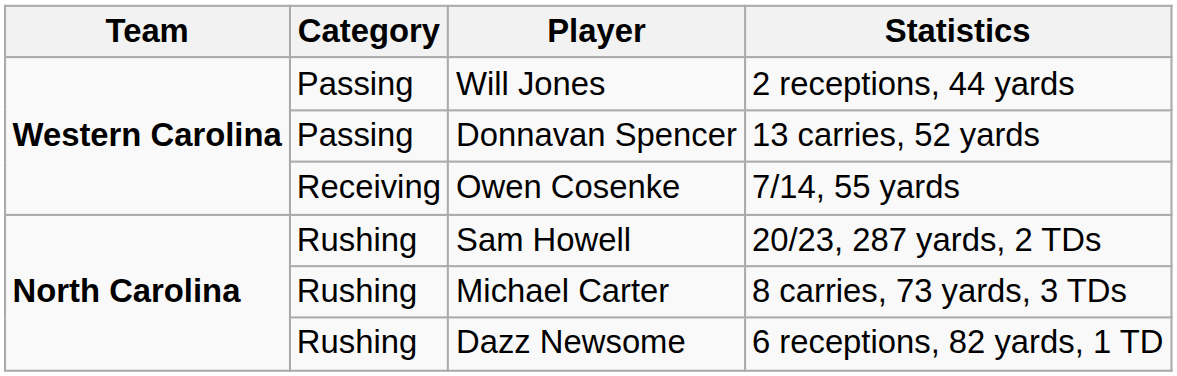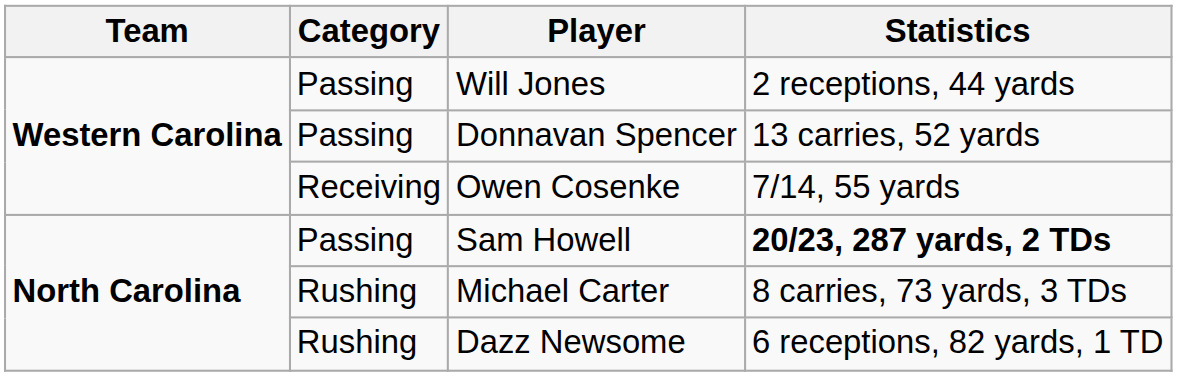 <table class="wikitable" style="float: left;">
 <tr>
 <th>Team</th>
 <th>Category</th>
 <th>Player</th>
 <th>Statistics</th>
 </tr>
 <tr>
 <td rowspan=3><strong>Western Carolina</strong></td>
 <td>Passing</td>
 <td>Will Jones</td>
 <td>2 receptions, 44 yards</td>
 </tr>
 <tr>
 <td>Passing</td>
 <td>Donnavan Spencer</td>
 <td>13 carries, 52 yards</td>
 </tr>
 <tr>
 <td>Receiving</td>
 <td>Owen Cosenke</td>
 <td>7/14, 55 yards</td>
 </tr>
 <tr>
 <td rowspan=3><strong>North Carolina</strong></td>
-<td>Rushing</td>
+<td>Passing</td>
 <td>Sam Howell</td>
-<td>20/23, 287 yards, 2 TDs</td>
+<td><strong>20/23, 287 yards, 2 TDs</strong></td>
 </tr>
 <tr>
 <td>Rushing</td>
 <td>Michael Carter</td>
 <td>8 carries, 73 yards, 3 TDs</td>
 </tr>
 <tr>
 <td>Rushing</td>
 <td>Dazz Newsome</td>
 <td>6 receptions, 82 yards, 1 TD</td>
 </tr>
 </table>
